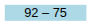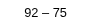 <table style="text-align:center;">
 <tr>
 <th width=200></th>
 <th width=100></th>
 <th width=200></th>
 <th></th>
 </tr>
 <tr>
 <td align=right><strong></strong></td>
-<td style="background: lightblue;">92 – 75</td>
+<td>92 – 75</td>
 <td align=left></td>
 </tr>
 </table>
